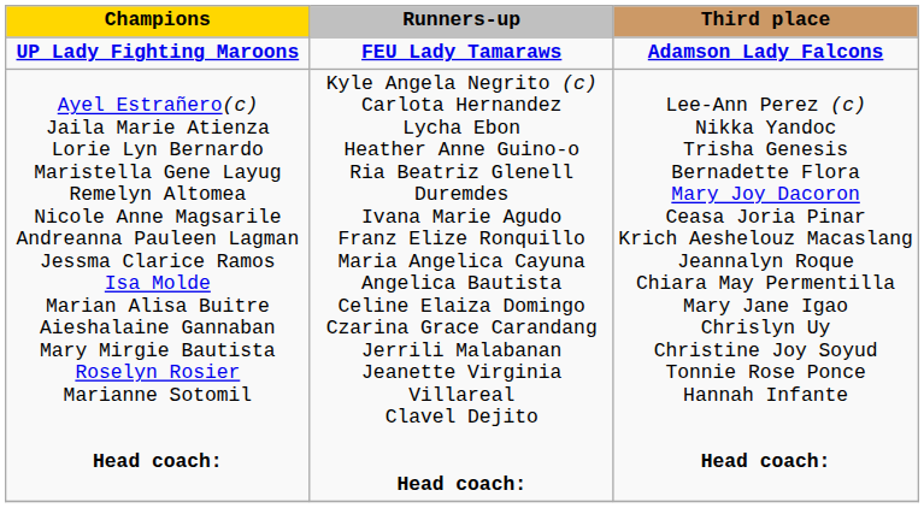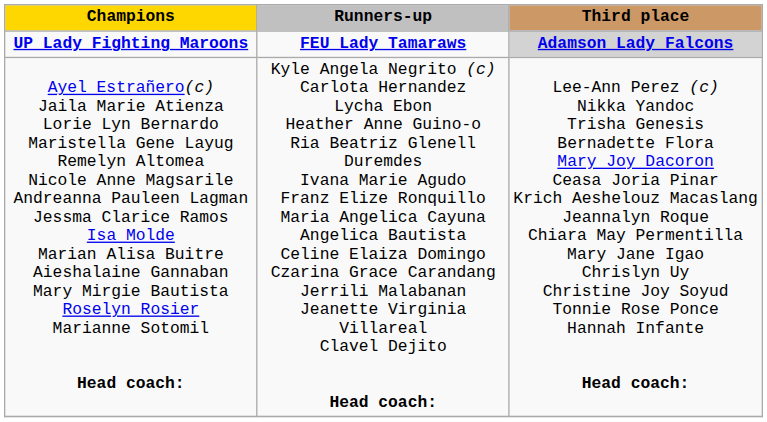 <table class="wikitable" style="text-align:center; font-size:95%">
 <tr>
 <th style="width:15em;background:gold"> Champions</th>
 <th style="width:15em;background:silver"> Runners-up</th>
 <th style="width:15em;background:#CC9966"> Third place</th>
 </tr>
 <tr valign=top>
 <td><strong><a href='#'>UP Lady Fighting Maroons</a></strong></td>
 <td><strong><a href='#'>FEU Lady Tamaraws</a></strong></td>
-<td><strong><a href='#'>Adamson Lady Falcons</a></strong></td>
+<td style="background: lightgrey;"><strong><a href='#'>Adamson Lady Falcons</a></strong></td>
 </tr>
 <tr valign=top'>
 <td><a href='#'>Ayel Estrañero</a><em>(c)</em><br>Jaila Marie Atienza<br>Lorie Lyn Bernardo<br>Maristella Gene Layug<br>Remelyn Altomea<br>Nicole Anne Magsarile<br>Andreanna Pauleen Lagman<br>Jessma Clarice Ramos<br><a href='#'>Isa Molde</a><br>Marian Alisa Buitre<br>Aieshalaine Gannaban<br>Mary Mirgie Bautista<br><a href='#'>Roselyn Rosier</a><br>Marianne Sotomil<br><br><br><strong>Head coach:</strong> </td>
 <td>Kyle Angela Negrito <em>(c)</em><br>Carlota Hernandez<br>Lycha Ebon<br>Heather Anne Guino-o<br>Ria Beatriz Glenell Duremdes<br>Ivana Marie Agudo<br>Franz Elize Ronquillo<br>Maria Angelica Cayuna <br>Angelica Bautista<br>Celine Elaiza Domingo<br>Czarina Grace Carandang<br>Jerrili Malabanan<br>Jeanette Virginia Villareal<br>Clavel Dejito<br><br><br><strong>Head coach:</strong> </td>
 <td>Lee-Ann Perez <em>(c)</em><br>Nikka Yandoc<br>Trisha Genesis<br>Bernadette Flora<br><a href='#'>Mary Joy Dacoron</a><br>Ceasa Joria Pinar<br>Krich Aeshelouz Macaslang<br>Jeannalyn Roque<br>Chiara May Permentilla<br>Mary Jane Igao<br>Chrislyn Uy<br>Christine Joy Soyud<br>Tonnie Rose Ponce<br>Hannah Infante<br><br><br><strong>Head coach:</strong> </td>
 </tr>
 <tr>
 </tr>
 </table>
